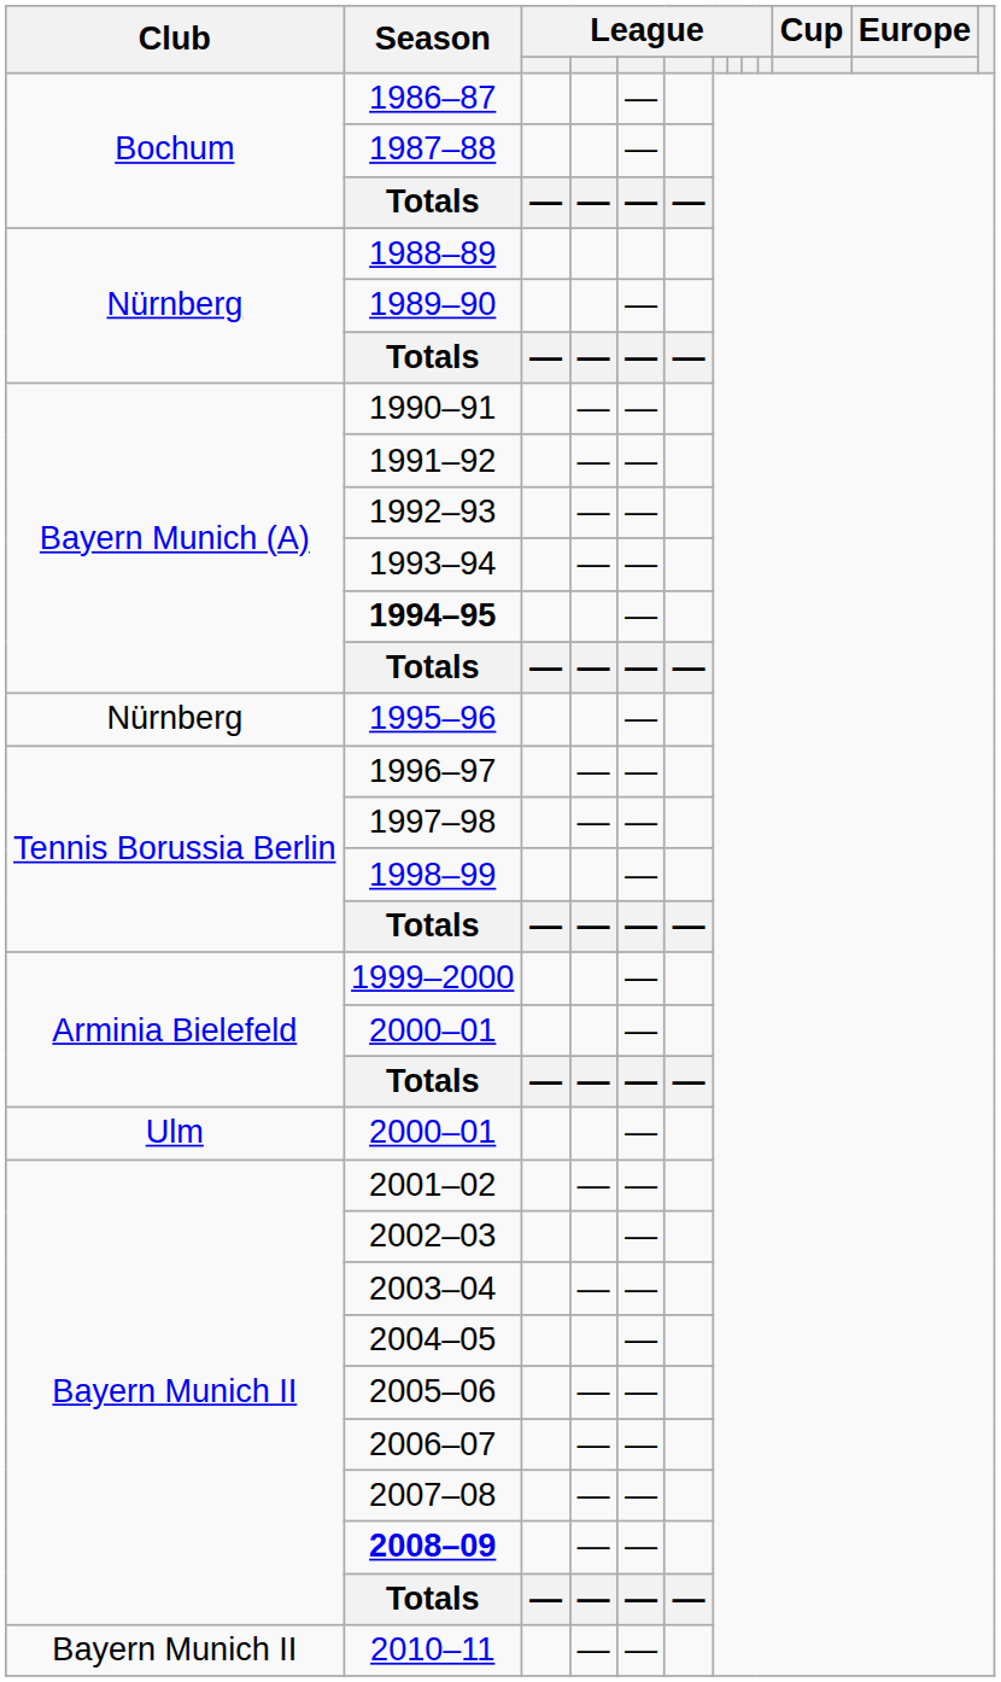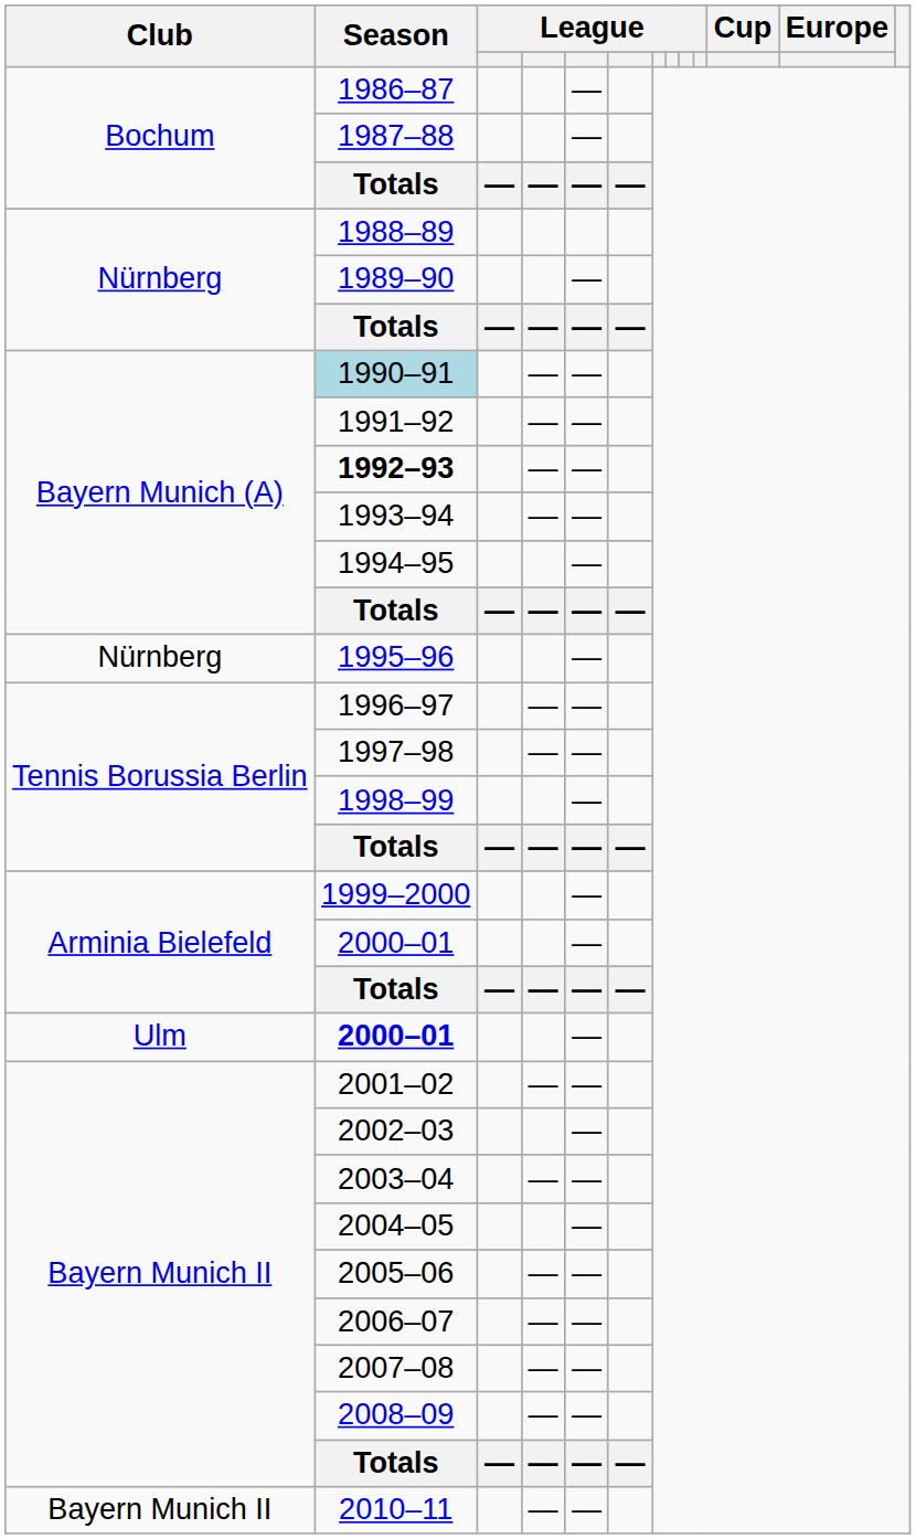 <table class="wikitable" style="text-align: center">
 <tr>
 <th rowspan="2">Club</th>
 <th rowspan="2">Season</th>
 <th colspan="8">League</th>
 <th>Cup</th>
 <th>Europe</th>
 <th rowspan="2"></th>
 </tr>
 <tr>
 <th></th>
 <th></th>
 <th></th>
 <th></th>
 <th></th>
 <th></th>
 <th></th>
 <th></th>
 <th></th>
 <th></th>
 </tr>
 <tr>
 <td rowspan="3"><a href='#'>Bochum</a></td>
 <td><a href='#'>1986–87</a><br></td>
 <td></td>
 <td></td>
 <td>—</td>
 <td></td>
 </tr>
 <tr>
 <td><a href='#'>1987–88</a><br></td>
 <td></td>
 <td></td>
 <td>—</td>
 <td></td>
 </tr>
 <tr>
 <th>Totals<br></th>
 <th>—</th>
 <th>—</th>
 <th>—</th>
 <th>—</th>
 </tr>
 <tr>
 <td rowspan="3"><a href='#'>Nürnberg</a></td>
 <td><a href='#'>1988–89</a><br></td>
 <td></td>
 <td></td>
 <td></td>
 <td></td>
 </tr>
 <tr>
 <td><a href='#'>1989–90</a><br></td>
 <td></td>
 <td></td>
 <td>—</td>
 <td></td>
 </tr>
 <tr>
 <th>Totals<br></th>
 <th>—</th>
 <th>—</th>
 <th>—</th>
 <th>—</th>
 </tr>
 <tr>
 <td rowspan="6"><a href='#'>Bayern Munich (A)</a></td>
-<td>1990–91<br></td>
+<td style="background: lightblue;">1990–91<br></td>
 <td></td>
 <td>—</td>
 <td>—</td>
 <td></td>
 </tr>
 <tr>
 <td>1991–92<br></td>
 <td></td>
 <td>—</td>
 <td>—</td>
 <td></td>
 </tr>
 <tr>
-<td>1992–93<br></td>
+<td><strong>1992–93<br></strong></td>
 <td></td>
 <td>—</td>
 <td>—</td>
 <td></td>
 </tr>
 <tr>
 <td>1993–94<br></td>
 <td></td>
 <td>—</td>
 <td>—</td>
 <td></td>
 </tr>
 <tr>
-<td><strong>1994–95<br></strong></td>
+<td>1994–95<br></td>
 <td></td>
 <td></td>
 <td>—</td>
 <td></td>
 </tr>
 <tr>
 <th>Totals<br></th>
 <th>—</th>
 <th>—</th>
 <th>—</th>
 <th>—</th>
 </tr>
 <tr>
 <td>Nürnberg</td>
 <td><a href='#'>1995–96</a><br></td>
 <td></td>
 <td></td>
 <td>—</td>
 <td></td>
 </tr>
 <tr>
 <td rowspan="4"><a href='#'>Tennis Borussia Berlin</a></td>
 <td>1996–97<br></td>
 <td></td>
 <td>—</td>
 <td>—</td>
 <td></td>
 </tr>
 <tr>
 <td>1997–98<br></td>
 <td></td>
 <td>—</td>
 <td>—</td>
 <td></td>
 </tr>
 <tr>
 <td><a href='#'>1998–99</a><br></td>
 <td></td>
 <td></td>
 <td>—</td>
 <td></td>
 </tr>
 <tr>
 <th>Totals<br></th>
 <th>—</th>
 <th>—</th>
 <th>—</th>
 <th>—</th>
 </tr>
 <tr>
 <td rowspan="3"><a href='#'>Arminia Bielefeld</a></td>
 <td><a href='#'>1999–2000</a><br></td>
 <td></td>
 <td></td>
 <td>—</td>
 <td></td>
 </tr>
 <tr>
 <td><a href='#'>2000–01</a><br></td>
 <td></td>
 <td></td>
 <td>—</td>
 <td></td>
 </tr>
 <tr>
 <th>Totals<br></th>
 <th>—</th>
 <th>—</th>
 <th>—</th>
 <th>—</th>
 </tr>
 <tr>
 <td><a href='#'>Ulm</a></td>
-<td><a href='#'>2000–01</a><br></td>
+<td><strong><a href='#'>2000–01</a><br></strong></td>
 <td></td>
 <td></td>
 <td>—</td>
 <td></td>
 </tr>
 <tr>
 <td rowspan="9"><a href='#'>Bayern Munich II</a></td>
 <td>2001–02<br></td>
 <td></td>
 <td>—</td>
 <td>—</td>
 <td></td>
 </tr>
 <tr>
 <td>2002–03<br></td>
 <td></td>
 <td></td>
 <td>—</td>
 <td></td>
 </tr>
 <tr>
 <td>2003–04<br></td>
 <td></td>
 <td>—</td>
 <td>—</td>
 <td></td>
 </tr>
 <tr>
 <td>2004–05<br></td>
 <td></td>
 <td></td>
 <td>—</td>
 <td></td>
 </tr>
 <tr>
 <td>2005–06<br></td>
 <td></td>
 <td>—</td>
 <td>—</td>
 <td></td>
 </tr>
 <tr>
 <td>2006–07<br></td>
 <td></td>
 <td>—</td>
 <td>—</td>
 <td></td>
 </tr>
 <tr>
 <td>2007–08<br></td>
 <td></td>
 <td>—</td>
 <td>—</td>
 <td></td>
 </tr>
 <tr>
-<td><strong><a href='#'>2008–09</a><br></strong></td>
+<td><a href='#'>2008–09</a><br></td>
 <td></td>
 <td>—</td>
 <td>—</td>
 <td></td>
 </tr>
 <tr>
 <th>Totals<br></th>
 <th>—</th>
 <th>—</th>
 <th>—</th>
 <th>—</th>
 </tr>
 <tr>
 <td>Bayern Munich II</td>
 <td><a href='#'>2010–11</a><br></td>
 <td></td>
 <td>—</td>
 <td>—</td>
 <td></td>
 </tr>
 </table>
